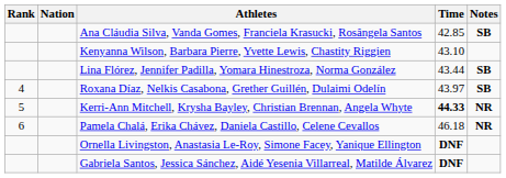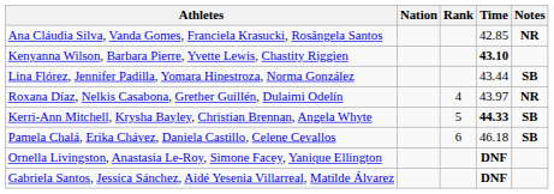 <table class="wikitable sortable" style="text-align:center">
 <tr>
+<th>Athletes</th>
+<th>Nation</th>
 <th>Rank</th>
-<th>Nation</th>
-<th>Athletes</th>
 <th>Time</th>
 <th>Notes</th>
 </tr>
 <tr>
+<td align=left><a href='#'>Ana Cláudia Silva</a>, <a href='#'>Vanda Gomes</a>, <a href='#'>Franciela Krasucki</a>, <a href='#'>Rosângela Santos</a></td>
+<td align=left></td>
 <td></td>
-<td align=left></td>
-<td align=left><a href='#'>Ana Cláudia Silva</a>, <a href='#'>Vanda Gomes</a>, <a href='#'>Franciela Krasucki</a>, <a href='#'>Rosângela Santos</a></td>
 <td>42.85</td>
-<td><strong>SB</strong></td>
+<td><strong>NR</strong></td>
 </tr>
 <tr>
+<td align=left><a href='#'>Kenyanna Wilson</a>, <a href='#'>Barbara Pierre</a>, <a href='#'>Yvette Lewis</a>, <a href='#'>Chastity Riggien</a></td>
+<td align=left></td>
 <td></td>
-<td align=left></td>
-<td align=left><a href='#'>Kenyanna Wilson</a>, <a href='#'>Barbara Pierre</a>, <a href='#'>Yvette Lewis</a>, <a href='#'>Chastity Riggien</a></td>
-<td>43.10</td>
+<td><strong>43.10</strong></td>
 <td></td>
 </tr>
 <tr>
+<td align=left><a href='#'>Lina Flórez</a>, <a href='#'>Jennifer Padilla</a>, <a href='#'>Yomara Hinestroza</a>, <a href='#'>Norma González</a></td>
+<td align=left></td>
 <td></td>
-<td align=left></td>
-<td align=left><a href='#'>Lina Flórez</a>, <a href='#'>Jennifer Padilla</a>, <a href='#'>Yomara Hinestroza</a>, <a href='#'>Norma González</a></td>
 <td>43.44</td>
 <td><strong>SB</strong></td>
 </tr>
 <tr>
+<td align=left><a href='#'>Roxana Díaz</a>, <a href='#'>Nelkis Casabona</a>, <a href='#'>Grether Guillén</a>, <a href='#'>Dulaimi Odelín</a></td>
+<td align=left></td>
 <td>4</td>
+<td>43.97</td>
+<td><strong>NR</strong></td>
+</tr>
+<tr>
+<td align=left><a href='#'>Kerri-Ann Mitchell</a>, <a href='#'>Krysha Bayley</a>, <a href='#'>Christian Brennan</a>, <a href='#'>Angela Whyte</a></td>
 <td align=left></td>
-<td align=left><a href='#'>Roxana Díaz</a>, <a href='#'>Nelkis Casabona</a>, <a href='#'>Grether Guillén</a>, <a href='#'>Dulaimi Odelín</a></td>
-<td>43.97</td>
+<td>5</td>
+<td><strong>44.33</strong></td>
 <td><strong>SB</strong></td>
 </tr>
 <tr>
-<td>5</td>
+<td align=left><a href='#'>Pamela Chalá</a>, <a href='#'>Erika Chávez</a>, <a href='#'>Daniela Castillo</a>, <a href='#'>Celene Cevallos</a></td>
 <td align=left></td>
-<td align=left><a href='#'>Kerri-Ann Mitchell</a>, <a href='#'>Krysha Bayley</a>, <a href='#'>Christian Brennan</a>, <a href='#'>Angela Whyte</a></td>
-<td><strong>44.33</strong></td>
-<td><strong>NR</strong></td>
+<td>6</td>
+<td>46.18</td>
+<td><strong>SB</strong></td>
 </tr>
 <tr>
-<td>6</td>
+<td align=left><a href='#'>Ornella Livingston</a>, <a href='#'>Anastasia Le-Roy</a>, <a href='#'>Simone Facey</a>, <a href='#'>Yanique Ellington</a></td>
 <td align=left></td>
-<td align=left><a href='#'>Pamela Chalá</a>, <a href='#'>Erika Chávez</a>, <a href='#'>Daniela Castillo</a>, <a href='#'>Celene Cevallos</a></td>
-<td>46.18</td>
-<td><strong>NR</strong></td>
-</tr>
-<tr>
 <td></td>
-<td align=left></td>
-<td align=left><a href='#'>Ornella Livingston</a>, <a href='#'>Anastasia Le-Roy</a>, <a href='#'>Simone Facey</a>, <a href='#'>Yanique Ellington</a></td>
 <td><strong>DNF</strong></td>
 <td></td>
 </tr>
 <tr>
+<td align=left><a href='#'>Gabriela Santos</a>, <a href='#'>Jessica Sánchez</a>, <a href='#'>Aidé Yesenia Villarreal</a>, <a href='#'>Matilde Álvarez</a></td>
+<td align=left></td>
 <td></td>
-<td align=left></td>
-<td align=left><a href='#'>Gabriela Santos</a>, <a href='#'>Jessica Sánchez</a>, <a href='#'>Aidé Yesenia Villarreal</a>, <a href='#'>Matilde Álvarez</a></td>
 <td><strong>DNF</strong></td>
 <td></td>
 </tr>
 </table>
